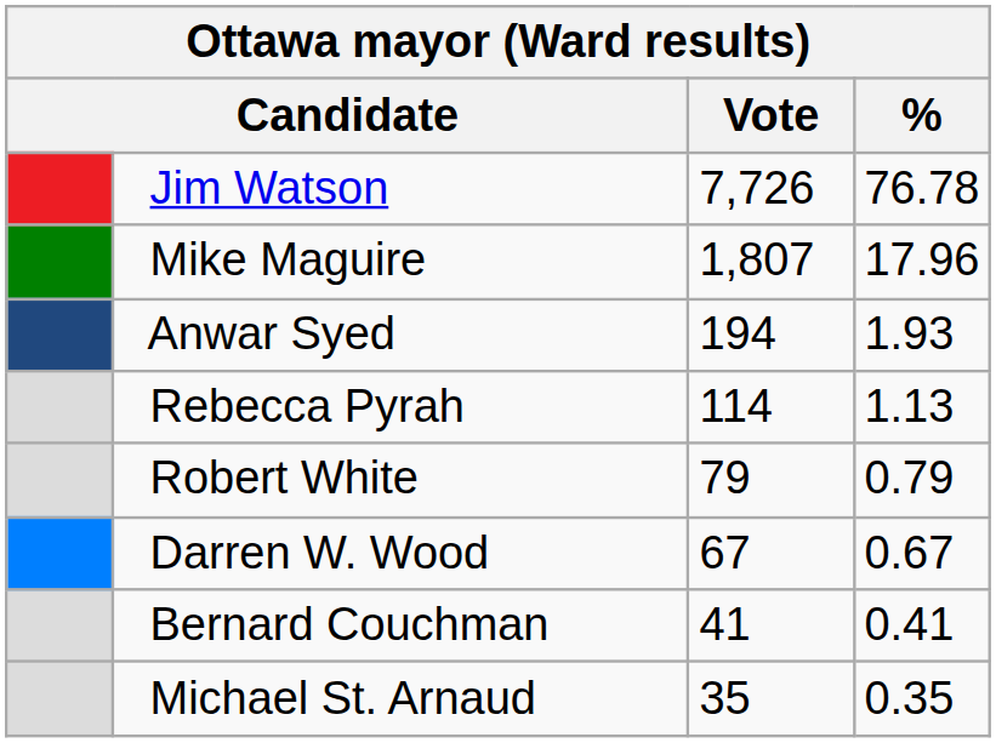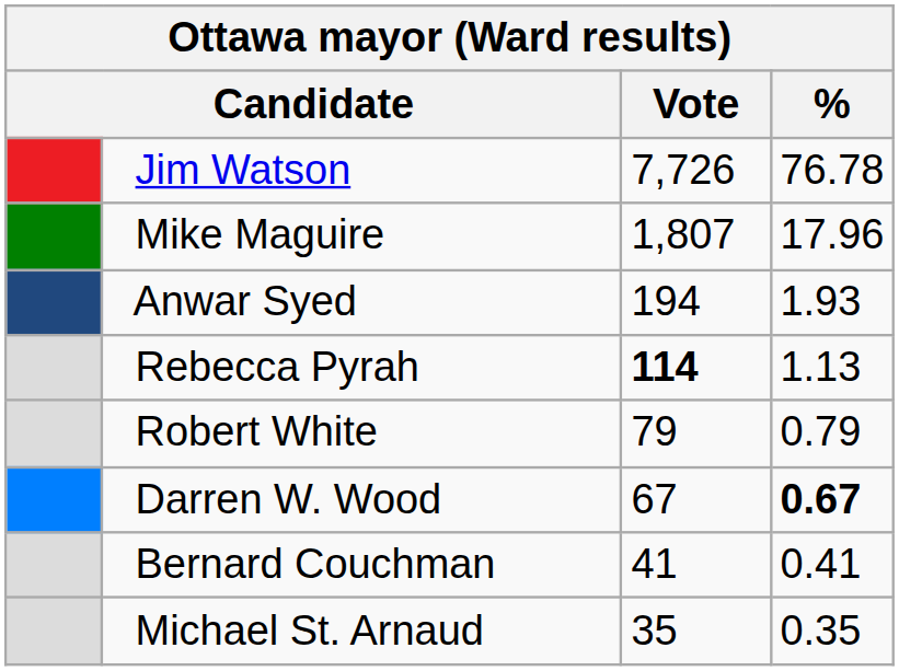 <table class="wikitable">
 <tr>
 <th colspan="4">Ottawa mayor (Ward results)</th>
 </tr>
 <tr>
 <th bgcolor="#DDDDFF" width="230px" colspan="2">Candidate</th>
 <th bgcolor="#DDDDFF" width="50px">Vote</th>
 <th bgcolor="#DDDDFF" width="30px">%</th>
 </tr>
 <tr>
 <td bgcolor=#ED1D24 width="30px"> </td>
 <td>  <a href='#'>Jim Watson</a></td>
 <td>7,726</td>
 <td>76.78</td>
 </tr>
 <tr>
 <td bgcolor=#008000 width="30px"> </td>
 <td>  Mike Maguire</td>
 <td>1,807</td>
 <td>17.96</td>
 </tr>
 <tr>
 <td bgcolor=#20487E width="30px"> </td>
 <td>  Anwar Syed</td>
 <td>194</td>
 <td>1.93</td>
 </tr>
 <tr>
 <td bgcolor=#DCDCDC width="30px"> </td>
 <td>  Rebecca Pyrah</td>
-<td>114</td>
+<td><strong>114</strong></td>
 <td>1.13</td>
 </tr>
 <tr>
 <td bgcolor=#DCDCDC width="30px"> </td>
 <td>  Robert White</td>
 <td>79</td>
 <td>0.79</td>
 </tr>
 <tr>
 <td bgcolor=#007FFF width="30px"> </td>
 <td>  Darren W. Wood</td>
 <td>67</td>
-<td>0.67</td>
+<td><strong>0.67</strong></td>
 </tr>
 <tr>
 <td bgcolor=#DCDCDC width="30px"> </td>
 <td>  Bernard Couchman</td>
 <td>41</td>
 <td>0.41</td>
 </tr>
 <tr>
 <td bgcolor=#DCDCDC width="30px"> </td>
 <td>  Michael St. Arnaud</td>
 <td>35</td>
 <td>0.35</td>
 </tr>
 </table>
